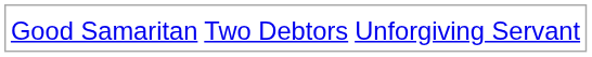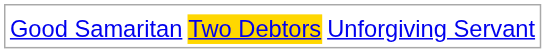 <table style="text-align:center; border:1px solid darkgray;">
 <tr border=0>
 <td></td>
 <td></td>
 <td style="padding-left:1em;"></td>
 </tr>
 <tr>
 <td><a href='#'>Good Samaritan</a></td>
-<td><a href='#'>Two Debtors</a></td>
+<td style="background: gold;"><a href='#'>Two Debtors</a></td>
 <td><a href='#'>Unforgiving Servant</a></td>
 </tr>
 </table>
